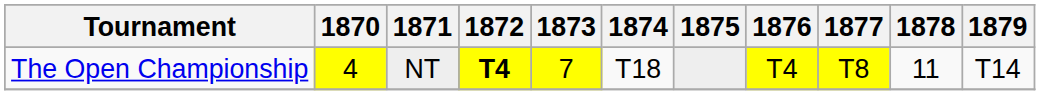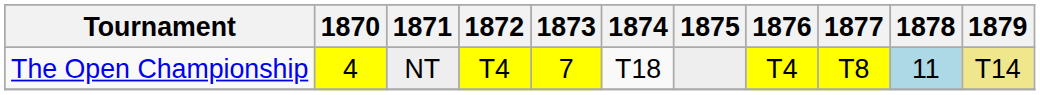 <table class="wikitable" style="font-size:95%;text-align:center;">
 <tr>
 <th>Tournament</th>
 <th>1870</th>
 <th>1871</th>
 <th>1872</th>
 <th>1873</th>
 <th>1874</th>
 <th>1875</th>
 <th>1876</th>
 <th>1877</th>
 <th>1878</th>
 <th>1879</th>
 </tr>
 <tr>
 <td align=left><a href='#'>The Open Championship</a></td>
 <td style="background:yellow;">4</td>
 <td style="background:#eeeeee;">NT</td>
-<td style="background:yellow;"><strong>T4</strong></td>
+<td style="background:yellow;">T4</td>
 <td style="background:yellow;">7</td>
 <td>T18</td>
 <td style="background:#eeeeee;"></td>
 <td style="background:yellow;">T4</td>
 <td style="background:yellow;">T8</td>
-<td>11</td>
-<td>T14</td>
+<td style="background: lightblue;">11</td>
+<td style="background: khaki;">T14</td>
 </tr>
 <tr>
 </tr>
 </table>
